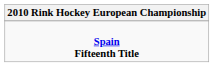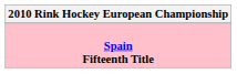 <table class="wikitable" style="text-align: center; margin: 0 auto;">
 <tr>
 <th>2010 Rink Hockey European Championship</th>
 </tr>
 <tr>
 </tr>
 <tr>
-<td><br><strong><a href='#'>Spain</a></strong><br><strong>Fifteenth Title</strong></td>
+<td style="background: pink;"><br><strong><a href='#'>Spain</a></strong><br><strong>Fifteenth Title</strong></td>
 </tr>
 </table>
